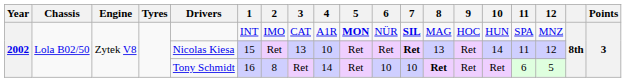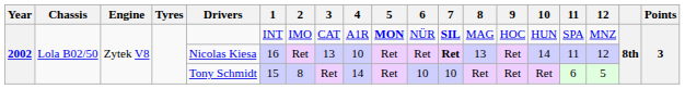 <table class="wikitable" style="text-align:center; font-size:85%">
 <tr>
 <th>Year</th>
 <th>Chassis</th>
 <th>Engine</th>
 <th>Tyres</th>
 <th>Drivers</th>
 <th>1</th>
 <th>2</th>
 <th>3</th>
 <th>4</th>
 <th>5</th>
 <th>6</th>
 <th>7</th>
 <th>8</th>
 <th>9</th>
 <th>10</th>
 <th>11</th>
 <th>12</th>
 <th></th>
 <th>Points</th>
 </tr>
 <tr>
 <th rowspan="3"><a href='#'>2002</a></th>
 <td rowspan="3"><a href='#'>Lola B02/50</a></td>
 <td rowspan="3">Zytek <a href='#'>V8</a></td>
 <td rowspan="3"></td>
 <td></td>
 <td><a href='#'>INT</a></td>
 <td><a href='#'>IMO</a></td>
 <td><a href='#'>CAT</a></td>
 <td><a href='#'>A1R</a></td>
 <td><strong><a href='#'>MON</a></strong></td>
 <td><a href='#'>NÜR</a></td>
 <td><strong><a href='#'>SIL</a></strong></td>
 <td><a href='#'>MAG</a></td>
 <td><a href='#'>HOC</a></td>
 <td><a href='#'>HUN</a></td>
 <td><a href='#'>SPA</a></td>
 <td><a href='#'>MNZ</a></td>
 <th rowspan="3"><strong>8th</strong></th>
 <th rowspan="3"><strong>3</strong></th>
 </tr>
 <tr>
 <td align="left"> <a href='#'>Nicolas Kiesa</a></td>
-<td style="background:#CFCFFF;">15</td>
+<td style="background:#CFCFFF;">16</td>
 <td style="background:#EFCFFF;">Ret</td>
 <td style="background:#CFCFFF;">13</td>
 <td style="background:#CFCFFF;">10</td>
 <td style="background:#EFCFFF;">Ret</td>
 <td style="background:#EFCFFF;">Ret</td>
 <td style="background:#EFCFFF;"><strong>Ret</strong></td>
 <td style="background:#CFCFFF;">13</td>
 <td style="background:#EFCFFF;">Ret</td>
 <td style="background:#CFCFFF;">14</td>
 <td style="background:#CFCFFF;">11</td>
 <td style="background:#CFCFFF;">12</td>
 </tr>
 <tr>
 <td align="left"> <a href='#'>Tony Schmidt</a></td>
-<td style="background:#CFCFFF;">16</td>
+<td style="background:#CFCFFF;">15</td>
 <td style="background:#CFCFFF;">8</td>
 <td style="background:#EFCFFF;">Ret</td>
 <td style="background:#CFCFFF;">14</td>
 <td style="background:#EFCFFF;">Ret</td>
 <td style="background:#CFCFFF;">10</td>
 <td style="background:#CFCFFF;">10</td>
-<td style="background:#EFCFFF;"><strong>Ret</strong></td>
+<td style="background:#EFCFFF;">Ret</td>
 <td style="background:#EFCFFF;">Ret</td>
 <td style="background:#EFCFFF;">Ret</td>
 <td style="background:#DFFFDF;">6</td>
 <td style="background:#DFFFDF;">5</td>
 </tr>
 </table>
